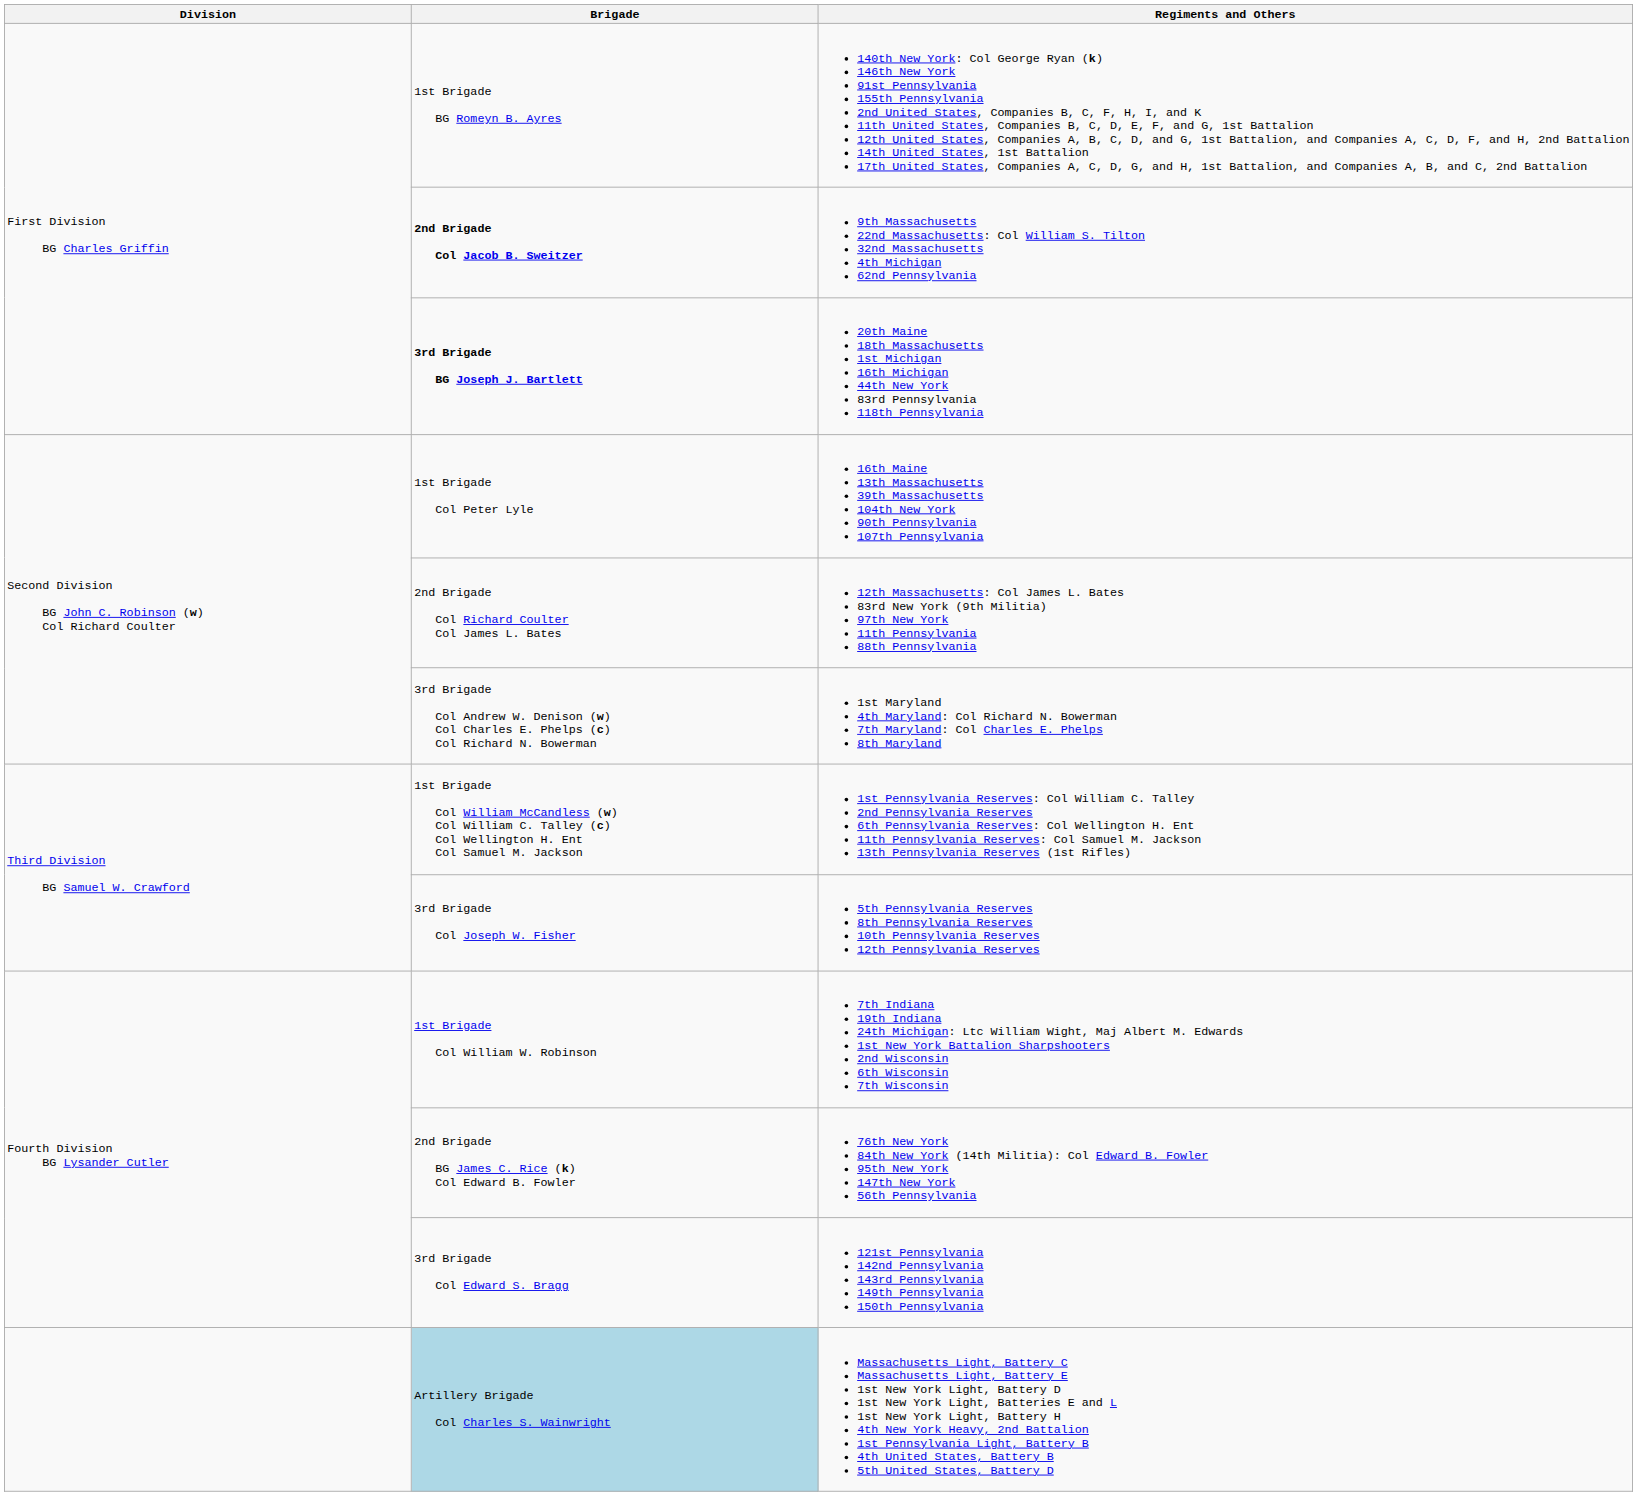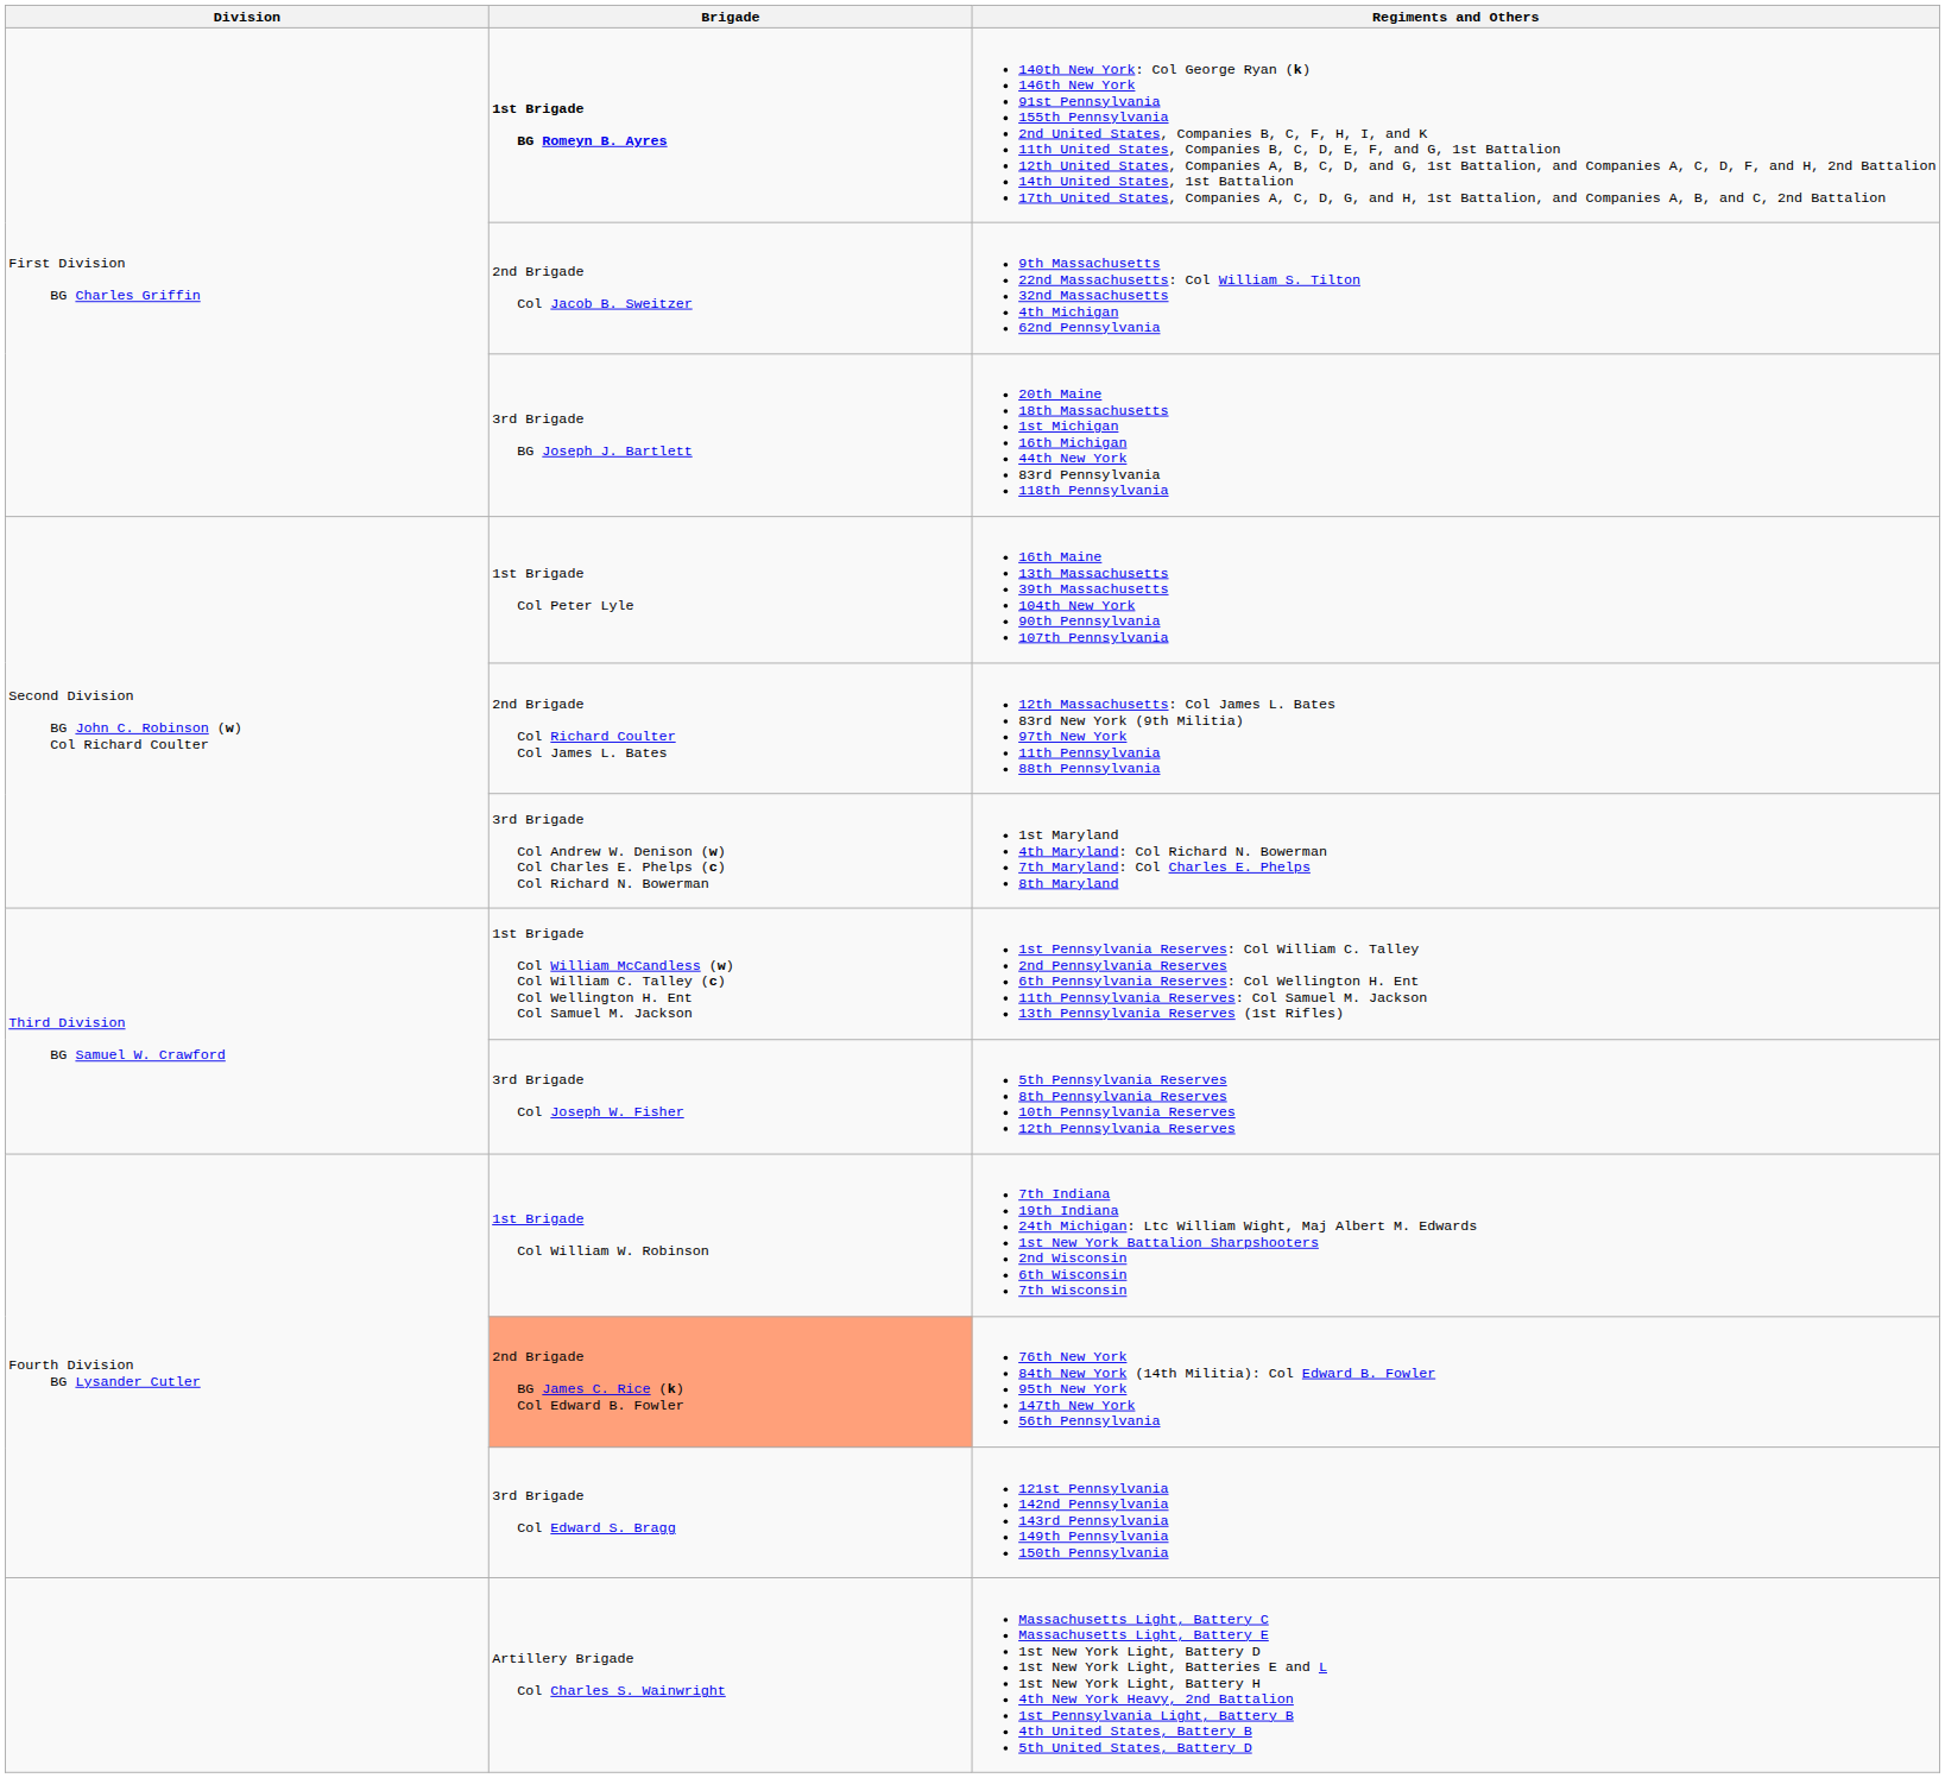 <table class="wikitable">
 <tr>
 <th width=25%>Division</th>
 <th width=25%>Brigade</th>
 <th>Regiments and Others</th>
 </tr>
 <tr>
 <td rowspan=3><br>First Division<br> <br>     BG <a href='#'>Charles Griffin</a></td>
-<td>1st Brigade<br><br>   BG <a href='#'>Romeyn B. Ayres</a></td>
+<td><strong>1st Brigade<br><br>   BG <a href='#'>Romeyn B. Ayres</a></strong></td>
 <td><br><ul><li><a href='#'>140th New York</a>: Col George Ryan (<strong>k</strong>)</li><li><a href='#'>146th New York</a></li><li><a href='#'>91st Pennsylvania</a></li><li><a href='#'>155th Pennsylvania</a></li><li><a href='#'>2nd United States</a>, Companies B, C, F, H, I, and K</li><li><a href='#'>11th United States</a>, Companies B, C, D, E, F, and G, 1st Battalion</li><li><a href='#'>12th United States</a>, Companies A, B, C, D, and G, 1st Battalion, and Companies A, C, D, F, and H, 2nd Battalion</li><li><a href='#'>14th United States</a>, 1st Battalion</li><li><a href='#'>17th United States</a>, Companies A, C, D, G, and H, 1st Battalion, and Companies A, B, and C, 2nd Battalion</li></ul></td>
 </tr>
 <tr>
-<td><strong>2nd Brigade<br><br>   Col <a href='#'>Jacob B. Sweitzer</a></strong></td>
+<td>2nd Brigade<br><br>   Col <a href='#'>Jacob B. Sweitzer</a></td>
 <td><br><ul><li><a href='#'>9th Massachusetts</a></li><li><a href='#'>22nd Massachusetts</a>: Col <a href='#'>William S. Tilton</a></li><li><a href='#'>32nd Massachusetts</a></li><li><a href='#'>4th Michigan</a></li><li><a href='#'>62nd Pennsylvania</a></li></ul></td>
 </tr>
 <tr>
-<td><strong>3rd Brigade<br><br>   BG <a href='#'>Joseph J. Bartlett</a></strong></td>
+<td>3rd Brigade<br><br>   BG <a href='#'>Joseph J. Bartlett</a></td>
 <td><br><ul><li><a href='#'>20th Maine</a></li><li><a href='#'>18th Massachusetts</a></li><li><a href='#'>1st Michigan</a></li><li><a href='#'>16th Michigan</a></li><li><a href='#'>44th New York</a></li><li>83rd Pennsylvania</li><li><a href='#'>118th Pennsylvania</a></li></ul></td>
 </tr>
 <tr>
 <td rowspan=3><br>Second Division<br> <br>     BG <a href='#'>John C. Robinson</a> (<strong>w</strong>) <br>     Col Richard Coulter</td>
 <td>1st Brigade<br><br>   Col Peter Lyle</td>
 <td><br><ul><li><a href='#'>16th Maine</a></li><li><a href='#'>13th Massachusetts</a></li><li><a href='#'>39th Massachusetts</a></li><li><a href='#'>104th New York</a></li><li><a href='#'>90th Pennsylvania</a></li><li><a href='#'>107th Pennsylvania</a></li></ul></td>
 </tr>
 <tr>
 <td>2nd Brigade<br><br>   Col <a href='#'>Richard Coulter</a> <br>   Col James L. Bates</td>
 <td><br><ul><li><a href='#'>12th Massachusetts</a>: Col James L. Bates</li><li>83rd New York (9th Militia)</li><li><a href='#'>97th New York</a></li><li><a href='#'>11th Pennsylvania</a></li><li><a href='#'>88th Pennsylvania</a></li></ul></td>
 </tr>
 <tr>
 <td>3rd Brigade<br><br>   Col Andrew W. Denison (<strong>w</strong>) <br>   Col Charles E. Phelps (<strong>c</strong>) <br>   Col Richard N. Bowerman</td>
 <td><br><ul><li>1st Maryland</li><li><a href='#'>4th Maryland</a>: Col Richard N. Bowerman</li><li><a href='#'>7th Maryland</a>: Col <a href='#'>Charles E. Phelps</a></li><li><a href='#'>8th Maryland</a></li></ul></td>
 </tr>
 <tr>
 <td rowspan=2><br><a href='#'>Third Division</a><br> <br>     BG <a href='#'>Samuel W. Crawford</a></td>
 <td>1st Brigade<br><br>   Col <a href='#'>William McCandless</a> (<strong>w</strong>) <br>   Col William C. Talley (<strong>c</strong>) <br>   Col Wellington H. Ent <br>   Col Samuel M. Jackson</td>
 <td><br><ul><li><a href='#'>1st Pennsylvania Reserves</a>: Col William C. Talley</li><li><a href='#'>2nd Pennsylvania Reserves</a></li><li><a href='#'>6th Pennsylvania Reserves</a>: Col Wellington H. Ent</li><li><a href='#'>11th Pennsylvania Reserves</a>: Col Samuel M. Jackson</li><li><a href='#'>13th Pennsylvania Reserves</a> (1st Rifles)</li></ul></td>
 </tr>
 <tr>
 <td>3rd Brigade<br><br>   Col <a href='#'>Joseph W. Fisher</a></td>
 <td><br><ul><li><a href='#'>5th Pennsylvania Reserves</a></li><li><a href='#'>8th Pennsylvania Reserves</a></li><li><a href='#'>10th Pennsylvania Reserves</a></li><li><a href='#'>12th Pennsylvania Reserves</a></li></ul></td>
 </tr>
 <tr>
 <td rowspan=3><br>Fourth Division <br>     BG <a href='#'>Lysander Cutler</a></td>
 <td><a href='#'>1st Brigade</a><br><br>   Col William W. Robinson</td>
 <td><br><ul><li><a href='#'>7th Indiana</a></li><li><a href='#'>19th Indiana</a></li><li><a href='#'>24th Michigan</a>: Ltc William Wight, Maj Albert M. Edwards</li><li><a href='#'>1st New York Battalion Sharpshooters</a></li><li><a href='#'>2nd Wisconsin</a></li><li><a href='#'>6th Wisconsin</a></li><li><a href='#'>7th Wisconsin</a></li></ul></td>
 </tr>
 <tr>
-<td>2nd Brigade<br><br>   BG <a href='#'>James C. Rice</a> (<strong>k</strong>) <br>   Col Edward B. Fowler</td>
+<td style="background: lightsalmon;">2nd Brigade<br><br>   BG <a href='#'>James C. Rice</a> (<strong>k</strong>) <br>   Col Edward B. Fowler</td>
 <td><br><ul><li><a href='#'>76th New York</a></li><li><a href='#'>84th New York</a> (14th Militia): Col <a href='#'>Edward B. Fowler</a></li><li><a href='#'>95th New York</a></li><li><a href='#'>147th New York</a></li><li><a href='#'>56th Pennsylvania</a></li></ul></td>
 </tr>
 <tr>
 <td>3rd Brigade<br><br>   Col <a href='#'>Edward S. Bragg</a></td>
 <td><br><ul><li><a href='#'>121st Pennsylvania</a></li><li><a href='#'>142nd Pennsylvania</a></li><li><a href='#'>143rd Pennsylvania</a></li><li><a href='#'>149th Pennsylvania</a></li><li><a href='#'>150th Pennsylvania</a></li></ul></td>
 </tr>
 <tr>
 <td></td>
-<td style="background: lightblue;">Artillery Brigade<br><br>   Col <a href='#'>Charles S. Wainwright</a></td>
+<td>Artillery Brigade<br><br>   Col <a href='#'>Charles S. Wainwright</a></td>
 <td><br><ul><li><a href='#'>Massachusetts Light, Battery C</a></li><li><a href='#'>Massachusetts Light, Battery E</a></li><li>1st New York Light, Battery D</li><li>1st New York Light, Batteries E and <a href='#'>L</a></li><li>1st New York Light, Battery H</li><li><a href='#'>4th New York Heavy, 2nd Battalion</a></li><li><a href='#'>1st Pennsylvania Light, Battery B</a></li><li><a href='#'>4th United States, Battery B</a></li><li><a href='#'>5th United States, Battery D</a></li></ul></td>
 </tr>
 </table>
